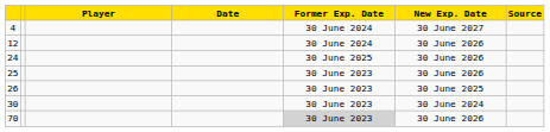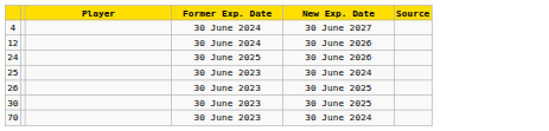 <table class="wikitable sortable">
 <tr>
 <th style="background:#FFDE00"></th>
 <th style="background:#FFDE00"></th>
 <th width=200 style="background:#FFDE00">Player</th>
-<th width=150 style="background:#FFDE00">Date</th>
 <th width=150 style="background:#FFDE00">Former Exp. Date</th>
 <th width=150 style="background:#FFDE00">New Exp. Date</th>
 <th style="background:#FFDE00">Source</th>
 </tr>
 <tr>
 <td align=center>4</td>
 <td align=center></td>
 <td></td>
-<td align=center></td>
 <td align=center>30 June 2024</td>
 <td align=center>30 June 2027</td>
 <td align=center></td>
 </tr>
 <tr>
 <td align=center>12</td>
 <td align=center></td>
 <td></td>
-<td align=center></td>
 <td align=center>30 June 2024</td>
 <td align=center>30 June 2026</td>
 <td align=center></td>
 </tr>
 <tr>
 <td align=center>24</td>
 <td align=center></td>
 <td></td>
-<td align=center></td>
 <td align=center>30 June 2025</td>
 <td align=center>30 June 2026</td>
 <td align=center></td>
 </tr>
 <tr>
 <td align=center>25</td>
 <td align=center></td>
 <td></td>
-<td align=center></td>
 <td align=center>30 June 2023</td>
-<td align=center>30 June 2026</td>
+<td align=center>30 June 2024</td>
 <td align=center></td>
 </tr>
 <tr>
 <td align=center>26</td>
 <td align=center></td>
 <td></td>
-<td align=center></td>
 <td align=center>30 June 2023</td>
 <td align=center>30 June 2025</td>
 <td align=center></td>
 </tr>
 <tr>
 <td align=center>30</td>
 <td align=center></td>
 <td></td>
-<td align=center></td>
 <td align=center>30 June 2023</td>
-<td align=center>30 June 2024</td>
+<td align=center>30 June 2025</td>
 <td align=center></td>
 </tr>
 <tr>
 <td align=center>70</td>
 <td align=center></td>
 <td></td>
-<td align=center></td>
-<td align=center style="background: lightgrey;">30 June 2023</td>
-<td align=center>30 June 2026</td>
+<td align=center>30 June 2023</td>
+<td align=center>30 June 2024</td>
 <td align=center></td>
 </tr>
 </table>
